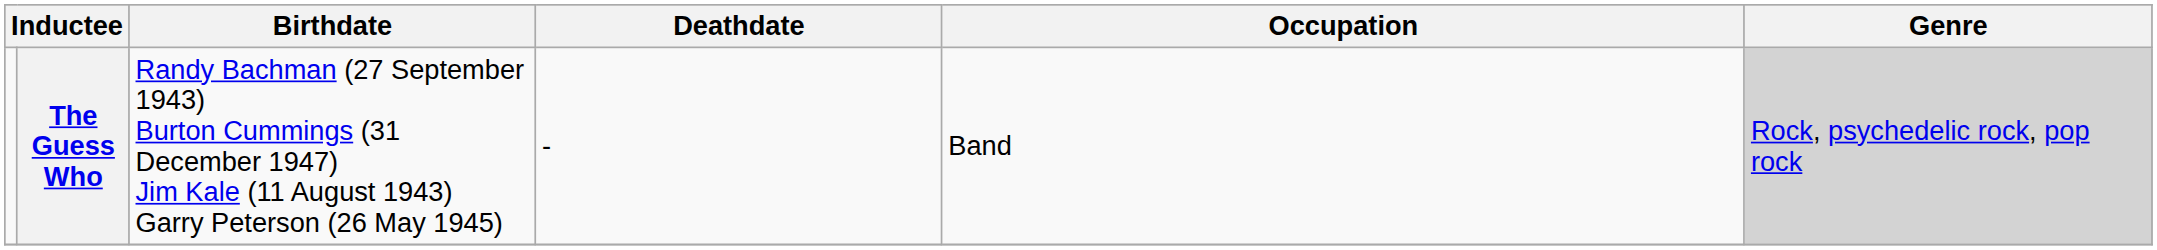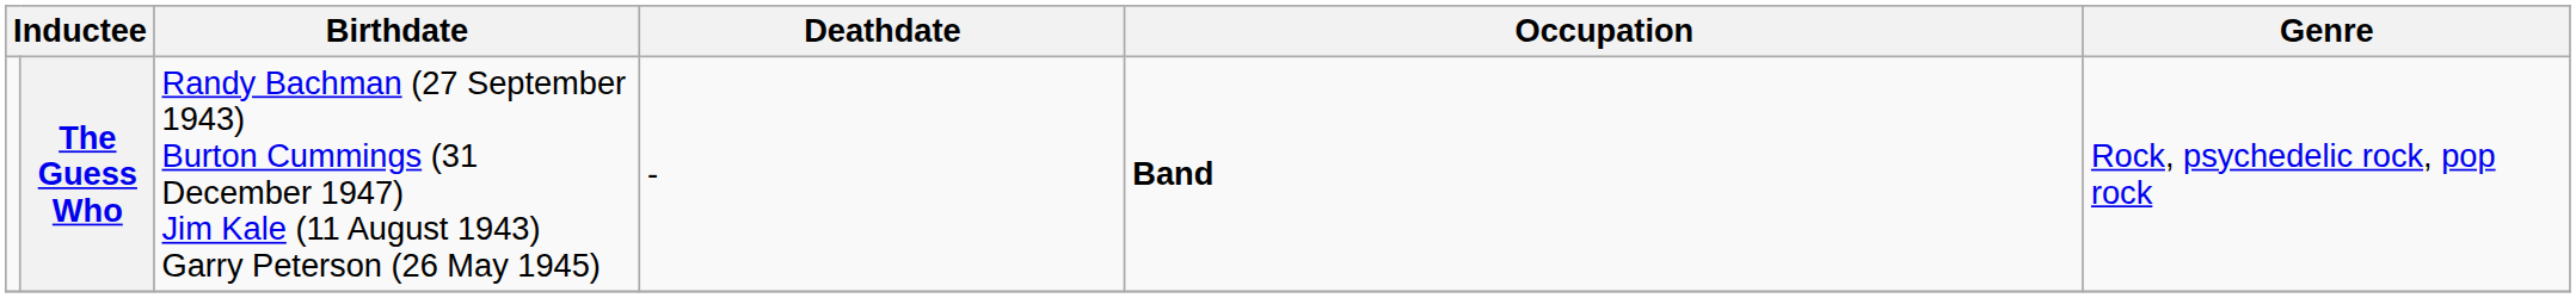 <table class="wikitable" width="100%">
 <tr>
 <th colspan=2>Inductee</th>
 <th width="20%">Birthdate</th>
 <th width="20%">Deathdate</th>
 <th width="40%">Occupation</th>
 <th width="40%">Genre</th>
 </tr>
 <tr>
 <td></td>
 <th><a href='#'>The Guess Who</a></th>
 <td><a href='#'>Randy Bachman</a> (27 September 1943) <br> <a href='#'>Burton Cummings</a> (31 December 1947) <br> <a href='#'>Jim Kale</a> (11 August 1943) <br> Garry Peterson (26 May 1945)</td>
 <td>-</td>
-<td>Band</td>
-<td style="background: lightgrey;"><a href='#'>Rock</a>, <a href='#'>psychedelic rock</a>, <a href='#'>pop rock</a></td>
+<td><strong>Band</strong></td>
+<td><a href='#'>Rock</a>, <a href='#'>psychedelic rock</a>, <a href='#'>pop rock</a></td>
 </tr>
 <tr>
 </tr>
 </table>
